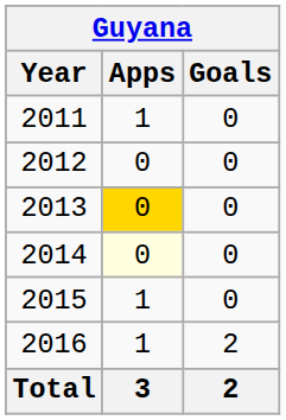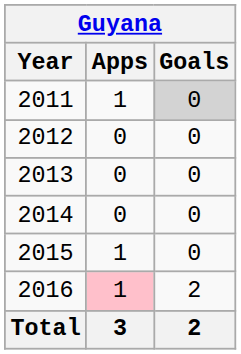 <table class="wikitable" style="text-align:center">
 <tr>
 <th colspan=3><a href='#'>Guyana</a></th>
 </tr>
 <tr>
 <th>Year</th>
 <th>Apps</th>
 <th>Goals</th>
 </tr>
 <tr>
 <td>2011</td>
 <td>1</td>
-<td>0</td>
+<td style="background: lightgrey;">0</td>
 </tr>
 <tr>
 <td>2012</td>
 <td>0</td>
 <td>0</td>
 </tr>
 <tr>
 <td>2013</td>
-<td style="background: gold;">0</td>
+<td>0</td>
 <td>0</td>
 </tr>
 <tr>
 <td>2014</td>
-<td style="background: lightyellow;">0</td>
+<td>0</td>
 <td>0</td>
 </tr>
 <tr>
 <td>2015</td>
 <td>1</td>
 <td>0</td>
 </tr>
 <tr>
 <td>2016</td>
-<td>1</td>
+<td style="background: pink;">1</td>
 <td>2</td>
 </tr>
 <tr>
 <th>Total</th>
 <th>3</th>
 <th>2</th>
 </tr>
 </table>
